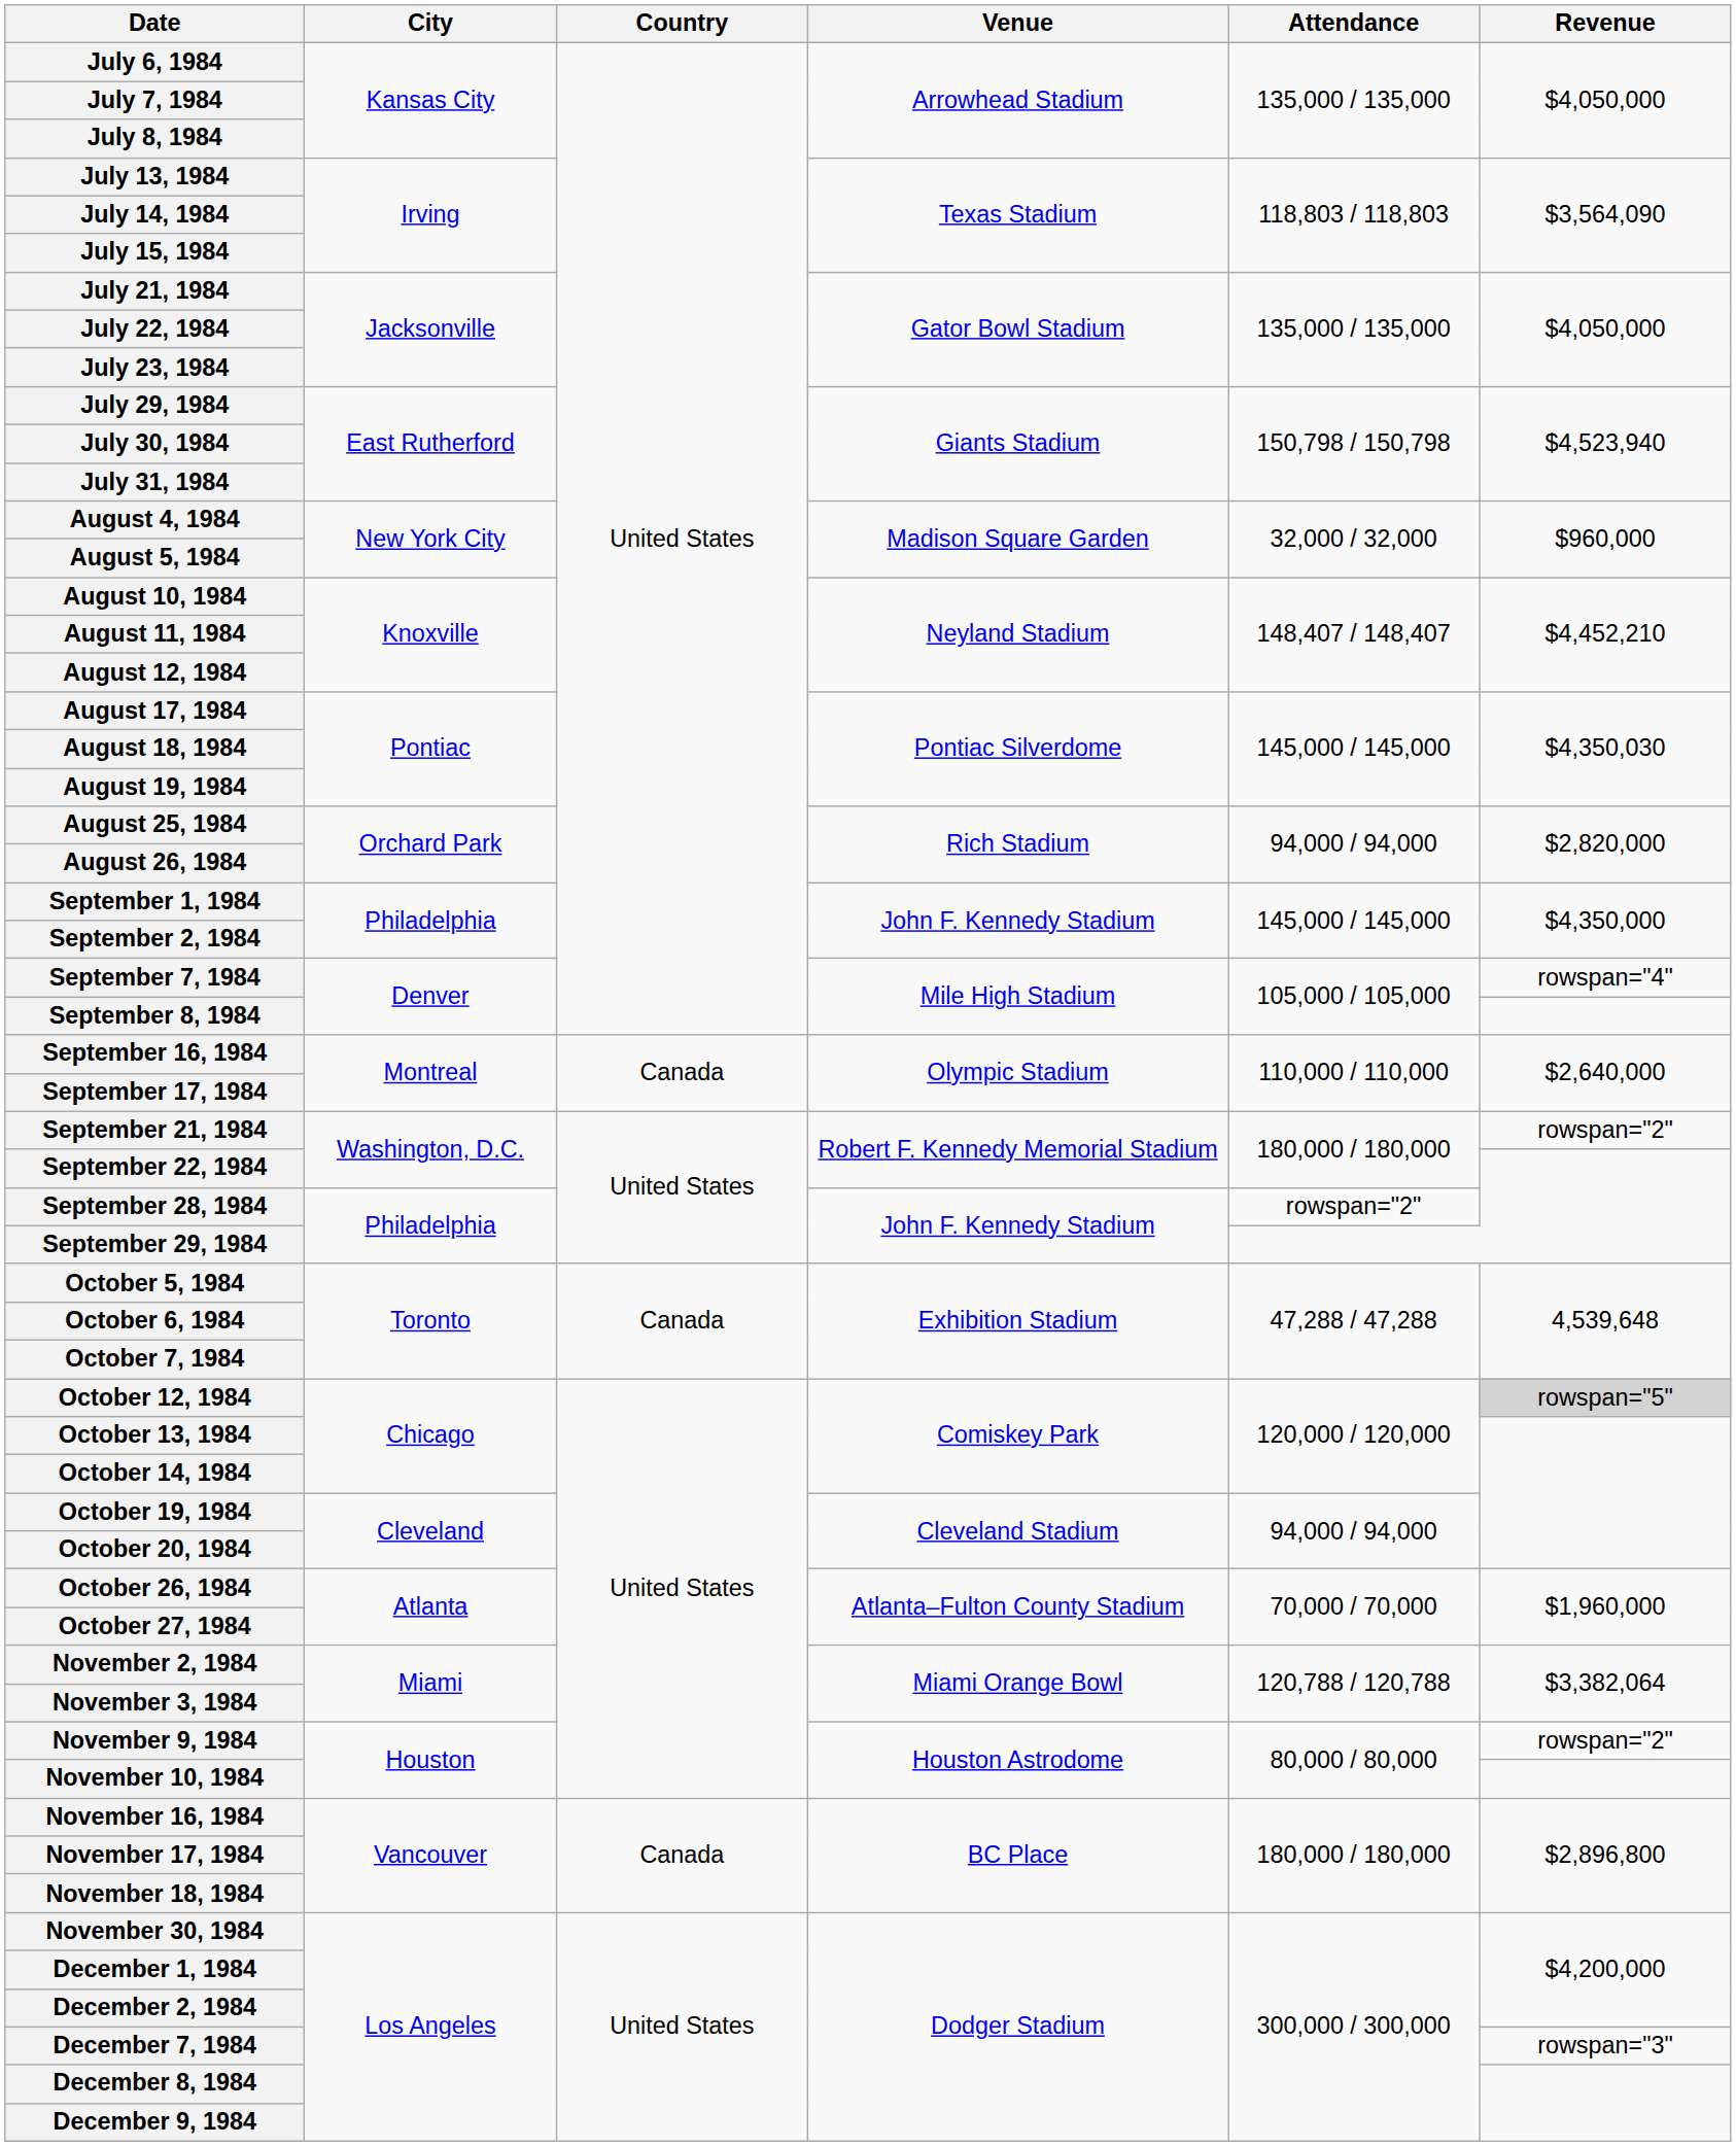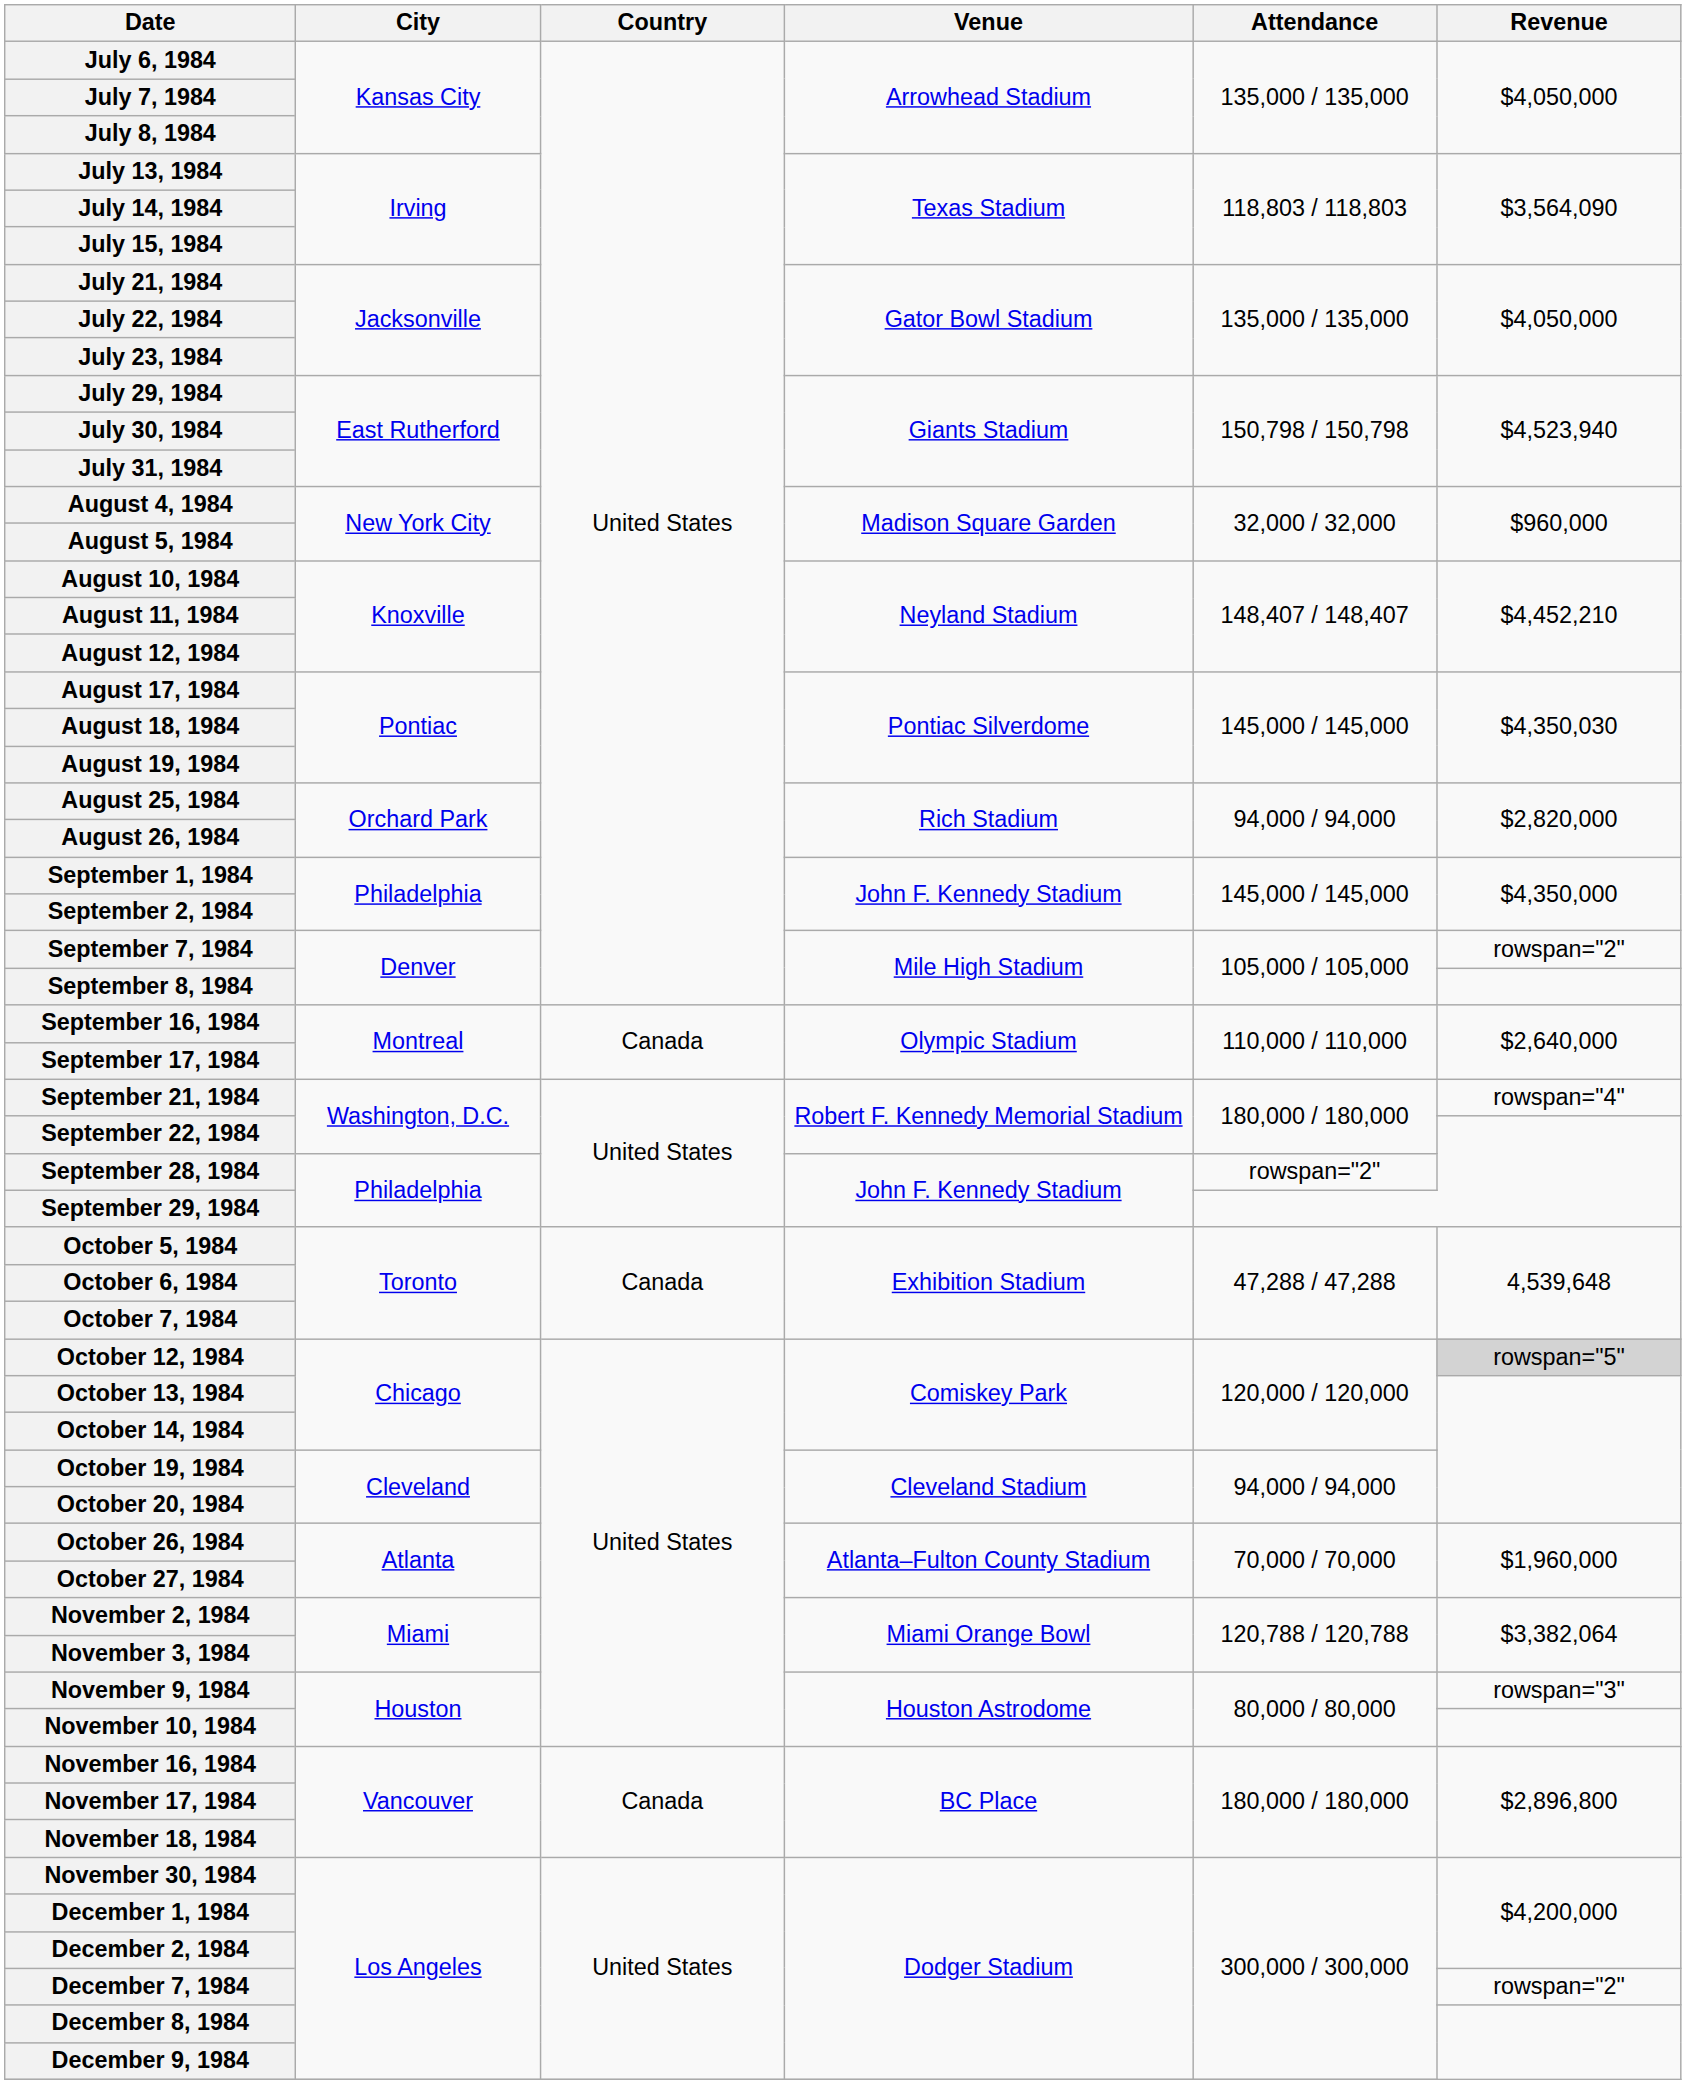 <table class="wikitable plainrowheaders" style="text-align:center;">
 <tr>
 <th scope="col" style="width:12em;">Date</th>
 <th scope="col" style="width:10em;">City</th>
 <th scope="col" style="width:10em;">Country</th>
 <th scope="col" style="width:17em;">Venue</th>
 <th scope="col" style="width:10em;">Attendance</th>
 <th scope="col" style="width:10em;">Revenue</th>
 </tr>
 <tr>
 <th scope="row" style="text-align:center">July 6, 1984</th>
 <td rowspan="3"><a href='#'>Kansas City</a></td>
 <td rowspan="26">United States</td>
 <td rowspan="3"><a href='#'>Arrowhead Stadium</a></td>
 <td rowspan="3">135,000 / 135,000</td>
 <td rowspan="3">$4,050,000</td>
 </tr>
 <tr>
 <th scope="row" style="text-align:center">July 7, 1984</th>
 </tr>
 <tr>
 <th scope="row" style="text-align:center">July 8, 1984</th>
 </tr>
 <tr>
 <th scope="row" style="text-align:center">July 13, 1984</th>
 <td rowspan="3"><a href='#'>Irving</a></td>
 <td rowspan="3"><a href='#'>Texas Stadium</a></td>
 <td rowspan="3">118,803 / 118,803</td>
 <td rowspan="3">$3,564,090</td>
 </tr>
 <tr>
 <th scope="row" style="text-align:center">July 14, 1984</th>
 </tr>
 <tr>
 <th scope="row" style="text-align:center">July 15, 1984</th>
 </tr>
 <tr>
 <th scope="row" style="text-align:center">July 21, 1984</th>
 <td rowspan="3"><a href='#'>Jacksonville</a></td>
 <td rowspan="3"><a href='#'>Gator Bowl Stadium</a></td>
 <td rowspan="3">135,000 / 135,000</td>
 <td rowspan="3">$4,050,000</td>
 </tr>
 <tr>
 <th scope="row" style="text-align:center">July 22, 1984</th>
 </tr>
 <tr>
 <th scope="row" style="text-align:center">July 23, 1984</th>
 </tr>
 <tr>
 <th scope="row" style="text-align:center">July 29, 1984</th>
 <td rowspan="3"><a href='#'>East Rutherford</a></td>
 <td rowspan="3"><a href='#'>Giants Stadium</a></td>
 <td rowspan="3">150,798 / 150,798</td>
 <td rowspan="3">$4,523,940</td>
 </tr>
 <tr>
 <th scope="row" style="text-align:center">July 30, 1984</th>
 </tr>
 <tr>
 <th scope="row" style="text-align:center">July 31, 1984</th>
 </tr>
 <tr>
 <th scope="row" style="text-align:center">August 4, 1984</th>
 <td rowspan="2"><a href='#'>New York City</a></td>
 <td rowspan="2"><a href='#'>Madison Square Garden</a></td>
 <td rowspan="2">32,000 / 32,000</td>
 <td rowspan="2">$960,000</td>
 </tr>
 <tr>
 <th scope="row" style="text-align:center">August 5, 1984</th>
 </tr>
 <tr>
 <th scope="row" style="text-align:center">August 10, 1984</th>
 <td rowspan="3"><a href='#'>Knoxville</a></td>
 <td rowspan="3"><a href='#'>Neyland Stadium</a></td>
 <td rowspan="3">148,407 / 148,407</td>
 <td rowspan="3">$4,452,210</td>
 </tr>
 <tr>
 <th scope="row" style="text-align:center">August 11, 1984</th>
 </tr>
 <tr>
 <th scope="row" style="text-align:center">August 12, 1984</th>
 </tr>
 <tr>
 <th scope="row" style="text-align:center">August 17, 1984</th>
 <td rowspan="3"><a href='#'>Pontiac</a></td>
 <td rowspan="3"><a href='#'>Pontiac Silverdome</a></td>
 <td rowspan="3">145,000 / 145,000</td>
 <td rowspan="3">$4,350,030</td>
 </tr>
 <tr>
 <th scope="row" style="text-align:center">August 18, 1984</th>
 </tr>
 <tr>
 <th scope="row" style="text-align:center">August 19, 1984</th>
 </tr>
 <tr>
 <th scope="row" style="text-align:center">August 25, 1984</th>
 <td rowspan="2"><a href='#'>Orchard Park</a></td>
 <td rowspan="2"><a href='#'>Rich Stadium</a></td>
 <td rowspan="2">94,000 / 94,000</td>
 <td rowspan="2">$2,820,000</td>
 </tr>
 <tr>
 <th scope="row" style="text-align:center">August 26, 1984</th>
 </tr>
 <tr>
 <th scope="row" style="text-align:center">September 1, 1984</th>
 <td rowspan="2"><a href='#'>Philadelphia</a></td>
 <td rowspan="2"><a href='#'>John F. Kennedy Stadium</a></td>
 <td rowspan="2">145,000 / 145,000</td>
 <td rowspan="2">$4,350,000</td>
 </tr>
 <tr>
 <th scope="row" style="text-align:center">September 2, 1984</th>
 </tr>
 <tr>
 <th scope="row" style="text-align:center">September 7, 1984</th>
 <td rowspan="2"><a href='#'>Denver</a></td>
 <td rowspan="2"><a href='#'>Mile High Stadium</a></td>
 <td rowspan="2">105,000 / 105,000</td>
-<td>rowspan="4" </td>
+<td>rowspan="2" </td>
 </tr>
 <tr>
 <th scope="row" style="text-align:center">September 8, 1984</th>
 </tr>
 <tr>
 <th scope="row" style="text-align:center">September 16, 1984</th>
 <td rowspan="2"><a href='#'>Montreal</a></td>
 <td rowspan="2">Canada</td>
 <td rowspan="2"><a href='#'>Olympic Stadium</a></td>
 <td rowspan="2">110,000 / 110,000</td>
 <td rowspan="2">$2,640,000</td>
 </tr>
 <tr>
 <th scope="row" style="text-align:center">September 17, 1984</th>
 </tr>
 <tr>
 <th scope="row" style="text-align:center">September 21, 1984</th>
 <td rowspan="2"><a href='#'>Washington, D.C.</a></td>
 <td rowspan="4">United States</td>
 <td rowspan="2"><a href='#'>Robert F. Kennedy Memorial Stadium</a></td>
 <td rowspan="2">180,000 / 180,000</td>
-<td>rowspan="2" </td>
+<td>rowspan="4" </td>
 </tr>
 <tr>
 <th scope="row" style="text-align:center">September 22, 1984</th>
 </tr>
 <tr>
 <th scope="row" style="text-align:center">September 28, 1984</th>
 <td rowspan="2"><a href='#'>Philadelphia</a></td>
 <td rowspan="2"><a href='#'>John F. Kennedy Stadium</a></td>
 <td>rowspan="2" </td>
 </tr>
 <tr>
 <th scope="row" style="text-align:center">September 29, 1984</th>
 </tr>
 <tr>
 <th scope="row" style="text-align:center">October 5, 1984</th>
 <td rowspan="3"><a href='#'>Toronto</a></td>
 <td rowspan="3">Canada</td>
 <td rowspan="3"><a href='#'>Exhibition Stadium</a></td>
 <td rowspan="3">47,288 / 47,288</td>
 <td rowspan="3">4,539,648</td>
 </tr>
 <tr>
 <th scope="row" style="text-align:center">October 6, 1984</th>
 </tr>
 <tr>
 <th scope="row" style="text-align:center">October 7, 1984</th>
 </tr>
 <tr>
 <th scope="row" style="text-align:center">October 12, 1984</th>
 <td rowspan="3"><a href='#'>Chicago</a></td>
 <td rowspan="11">United States</td>
 <td rowspan="3"><a href='#'>Comiskey Park</a></td>
 <td rowspan="3">120,000 / 120,000</td>
 <td style="background: lightgrey;">rowspan="5" </td>
 </tr>
 <tr>
 <th scope="row" style="text-align:center">October 13, 1984</th>
 </tr>
 <tr>
 <th scope="row" style="text-align:center">October 14, 1984</th>
 </tr>
 <tr>
 <th scope="row" style="text-align:center">October 19, 1984</th>
 <td rowspan="2"><a href='#'>Cleveland</a></td>
 <td rowspan="2"><a href='#'>Cleveland Stadium</a></td>
 <td rowspan="2">94,000 / 94,000</td>
 </tr>
 <tr>
 <th scope="row" style="text-align:center">October 20, 1984</th>
 </tr>
 <tr>
 <th scope="row" style="text-align:center">October 26, 1984</th>
 <td rowspan="2"><a href='#'>Atlanta</a></td>
 <td rowspan="2"><a href='#'>Atlanta–Fulton County Stadium</a></td>
 <td rowspan="2">70,000 / 70,000</td>
 <td rowspan="2">$1,960,000</td>
 </tr>
 <tr>
 <th scope="row" style="text-align:center">October 27, 1984</th>
 </tr>
 <tr>
 <th scope="row" style="text-align:center">November 2, 1984</th>
 <td rowspan="2"><a href='#'>Miami</a></td>
 <td rowspan="2"><a href='#'>Miami Orange Bowl</a></td>
 <td rowspan="2">120,788 / 120,788</td>
 <td rowspan="2">$3,382,064</td>
 </tr>
 <tr>
 <th scope="row" style="text-align:center">November 3, 1984</th>
 </tr>
 <tr>
 <th scope="row" style="text-align:center">November 9, 1984</th>
 <td rowspan="2"><a href='#'>Houston</a></td>
 <td rowspan="2"><a href='#'>Houston Astrodome</a></td>
 <td rowspan="2">80,000 / 80,000</td>
-<td>rowspan="2" </td>
+<td>rowspan="3" </td>
 </tr>
 <tr>
 <th scope="row" style="text-align:center">November 10, 1984</th>
 </tr>
 <tr>
 <th scope="row" style="text-align:center">November 16, 1984</th>
 <td rowspan="3"><a href='#'>Vancouver</a></td>
 <td rowspan="3">Canada</td>
 <td rowspan="3"><a href='#'>BC Place</a></td>
 <td rowspan="3">180,000 / 180,000</td>
 <td rowspan="3">$2,896,800</td>
 </tr>
 <tr>
 <th scope="row" style="text-align:center">November 17, 1984</th>
 </tr>
 <tr>
 <th scope="row" style="text-align:center">November 18, 1984</th>
 </tr>
 <tr>
 <th scope="row" style="text-align:center">November 30, 1984</th>
 <td rowspan="6"><a href='#'>Los Angeles</a></td>
 <td rowspan="6">United States</td>
 <td rowspan="6"><a href='#'>Dodger Stadium</a></td>
 <td rowspan="6">300,000 / 300,000</td>
 <td rowspan="3">$4,200,000</td>
 </tr>
 <tr>
 <th scope="row" style="text-align:center">December 1, 1984</th>
 </tr>
 <tr>
 <th scope="row" style="text-align:center">December 2, 1984</th>
 </tr>
 <tr>
 <th scope="row" style="text-align:center">December 7, 1984</th>
-<td>rowspan="3" </td>
+<td>rowspan="2" </td>
 </tr>
 <tr>
 <th scope="row" style="text-align:center">December 8, 1984</th>
 </tr>
 <tr>
 <th scope="row" style="text-align:center">December 9, 1984</th>
 </tr>
 <tr>
 </tr>
 </table>
